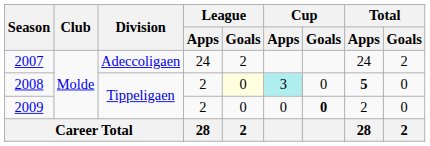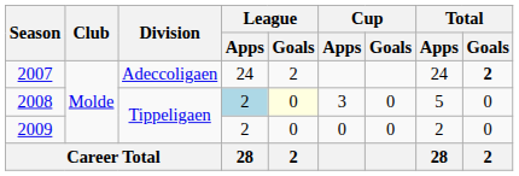 <table class="wikitable" style="text-align: center;">
 <tr>
 <th rowspan="2">Season</th>
 <th rowspan="2">Club</th>
 <th rowspan="2">Division</th>
 <th colspan="2">League</th>
 <th colspan="2">Cup</th>
 <th colspan="2">Total</th>
 </tr>
 <tr>
 <th>Apps</th>
 <th>Goals</th>
 <th>Apps</th>
 <th>Goals</th>
 <th>Apps</th>
 <th>Goals</th>
 </tr>
 <tr>
 <td><a href='#'>2007</a></td>
 <td rowspan="3" valign="center"><a href='#'>Molde</a></td>
 <td><a href='#'>Adeccoligaen</a></td>
 <td>24</td>
 <td>2</td>
 <td></td>
 <td></td>
 <td>24</td>
-<td>2</td>
+<td><strong>2</strong></td>
 </tr>
 <tr>
 <td><a href='#'>2008</a></td>
 <td rowspan="2" valign="center"><a href='#'>Tippeligaen</a></td>
-<td>2</td>
+<td style="background: lightblue;">2</td>
 <td style="background: lightyellow;">0</td>
-<td style="background: paleturquoise;">3</td>
+<td>3</td>
 <td>0</td>
-<td><strong>5</strong></td>
+<td>5</td>
 <td>0</td>
 </tr>
 <tr>
 <td><a href='#'>2009</a></td>
 <td>2</td>
 <td>0</td>
 <td>0</td>
-<td><strong>0</strong></td>
+<td>0</td>
 <td>2</td>
 <td>0</td>
 </tr>
 <tr>
 <th colspan="3">Career Total</th>
 <th>28</th>
 <th>2</th>
 <th></th>
 <th></th>
 <th>28</th>
 <th>2</th>
 </tr>
 </table>
